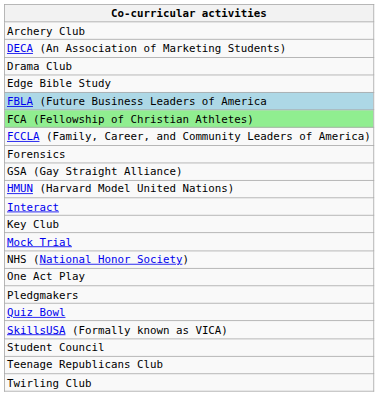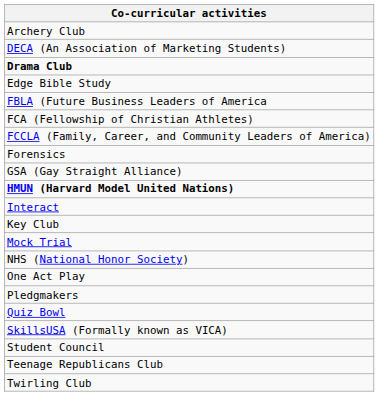 <table class="wikitable">
 <tr>
 <th>Co-curricular activities</th>
 </tr>
 <tr>
 <td>Archery Club</td>
 </tr>
 <tr>
 <td><a href='#'>DECA</a> (An Association of Marketing Students)</td>
 </tr>
 <tr>
-<td>Drama Club</td>
+<td><strong>Drama Club</strong></td>
 </tr>
 <tr>
 <td>Edge Bible Study</td>
 </tr>
 <tr>
-<td style="background: lightblue;"><a href='#'>FBLA</a> (Future Business Leaders of America</td>
+<td><a href='#'>FBLA</a> (Future Business Leaders of America</td>
 </tr>
 <tr>
-<td style="background: lightgreen;">FCA (Fellowship of Christian Athletes)</td>
+<td>FCA (Fellowship of Christian Athletes)</td>
 </tr>
 <tr>
 <td><a href='#'>FCCLA</a> (Family, Career, and Community Leaders of America)</td>
 </tr>
 <tr>
 <td>Forensics</td>
 </tr>
 <tr>
 <td>GSA (Gay Straight Alliance)</td>
 </tr>
 <tr>
-<td><a href='#'>HMUN</a> (Harvard Model United Nations)</td>
+<td><strong><a href='#'>HMUN</a> (Harvard Model United Nations)</strong></td>
 </tr>
 <tr>
 <td><a href='#'>Interact</a></td>
 </tr>
 <tr>
 <td>Key Club</td>
 </tr>
 <tr>
 <td><a href='#'>Mock Trial</a></td>
 </tr>
 <tr>
 <td>NHS (<a href='#'>National Honor Society</a>)</td>
 </tr>
 <tr>
 <td>One Act Play</td>
 </tr>
 <tr>
 <td>Pledgmakers</td>
 </tr>
 <tr>
 <td><a href='#'>Quiz Bowl</a></td>
 </tr>
 <tr>
 <td><a href='#'>SkillsUSA</a> (Formally known as VICA)</td>
 </tr>
 <tr>
 <td>Student Council</td>
 </tr>
 <tr>
 <td>Teenage Republicans Club</td>
 </tr>
 <tr>
 <td>Twirling Club</td>
 </tr>
 </table>
